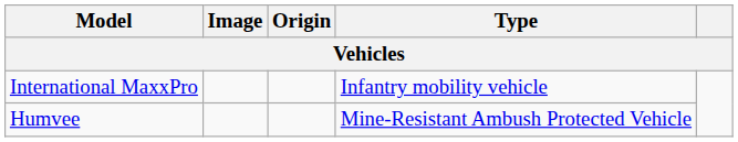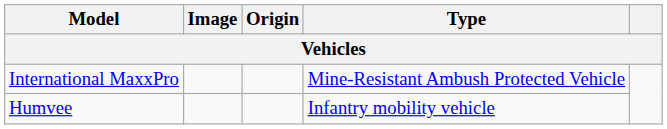 <table class="wikitable">
 <tr>
 <th>Model</th>
 <th>Image</th>
 <th>Origin</th>
 <th>Type</th>
 <th style="width:5%;"></th>
 </tr>
 <tr>
 <th colspan="6" style="align: center;">Vehicles</th>
 </tr>
 <tr>
 <td><a href='#'>International MaxxPro</a></td>
 <td></td>
 <td></td>
-<td><a href='#'>Infantry mobility vehicle</a></td>
+<td><a href='#'>Mine-Resistant Ambush Protected Vehicle</a></td>
 </tr>
 <tr>
 <td><a href='#'>Humvee</a></td>
 <td></td>
 <td></td>
-<td><a href='#'>Mine-Resistant Ambush Protected Vehicle</a></td>
+<td><a href='#'>Infantry mobility vehicle</a></td>
 </tr>
 </table>
